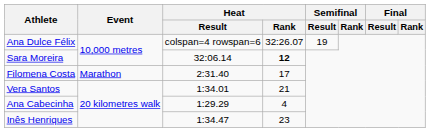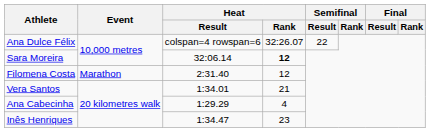 <table class="wikitable" style="font-size:90%">
 <tr>
 <th rowspan="2">Athlete</th>
 <th rowspan="2">Event</th>
 <th colspan="2">Heat</th>
 <th colspan="2">Semifinal</th>
 <th colspan="2">Final</th>
 </tr>
 <tr style="font-size:95%">
 <th>Result</th>
 <th>Rank</th>
 <th>Result</th>
 <th>Rank</th>
 <th>Result</th>
 <th>Rank</th>
 </tr>
 <tr style=text-align:center>
 <td style=text-align:left><a href='#'>Ana Dulce Félix</a></td>
 <td style=text-align:left rowspan=2><a href='#'>10,000 metres</a></td>
 <td>colspan=4 rowspan=6 </td>
 <td>32:26.07</td>
-<td>19</td>
+<td>22</td>
 </tr>
 <tr style=text-align:center>
 <td style=text-align:left><a href='#'>Sara Moreira</a></td>
 <td>32:06.14</td>
 <td><strong>12</strong></td>
 </tr>
 <tr style=text-align:center>
 <td style=text-align:left><a href='#'>Filomena Costa</a></td>
 <td style=text-align:left><a href='#'>Marathon</a></td>
 <td>2:31.40</td>
-<td>17</td>
+<td>12</td>
 </tr>
 <tr style=text-align:center>
 <td style=text-align:left><a href='#'>Vera Santos</a></td>
 <td style=text-align:left rowspan=3><a href='#'>20 kilometres walk</a></td>
 <td>1:34.01</td>
 <td>21</td>
 </tr>
 <tr style=text-align:center>
 <td style=text-align:left><a href='#'>Ana Cabecinha</a></td>
 <td>1:29.29</td>
 <td>4</td>
 </tr>
 <tr style=text-align:center>
 <td style=text-align:left><a href='#'>Inês Henriques</a></td>
 <td>1:34.47</td>
 <td>23</td>
 </tr>
 </table>
